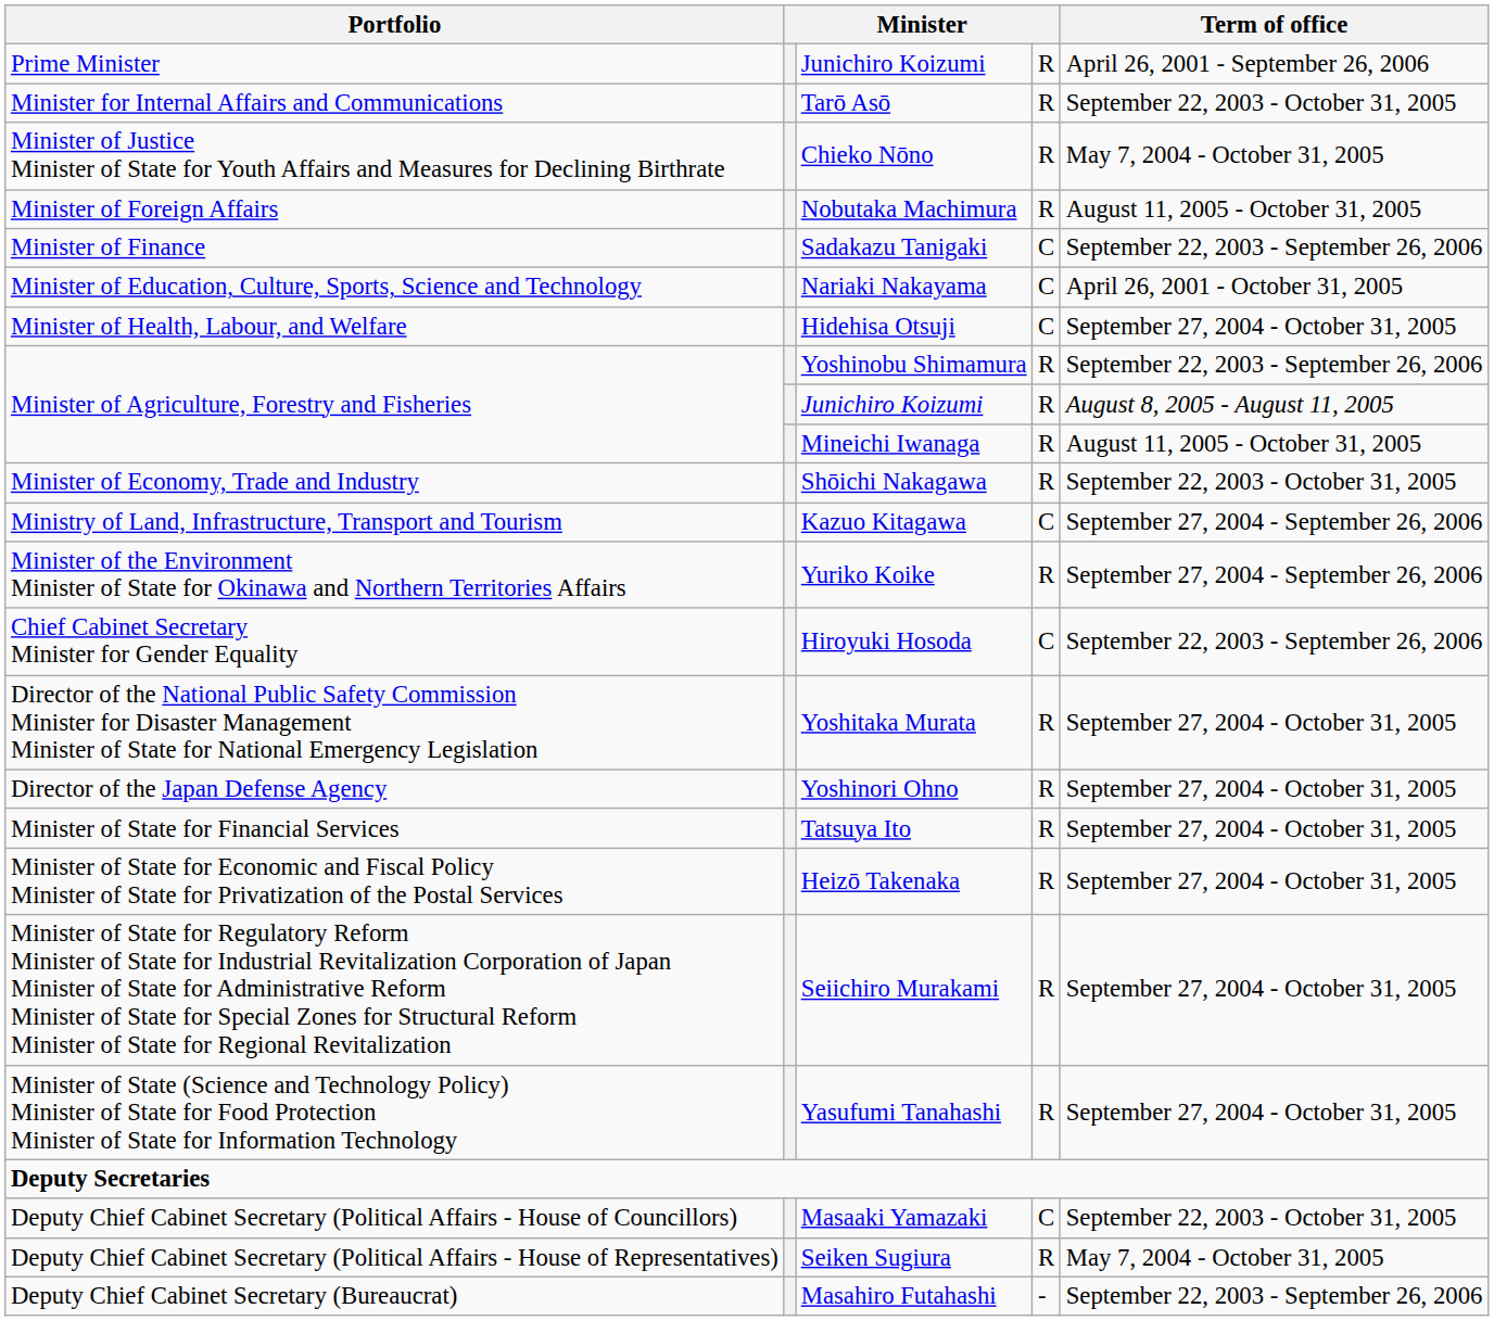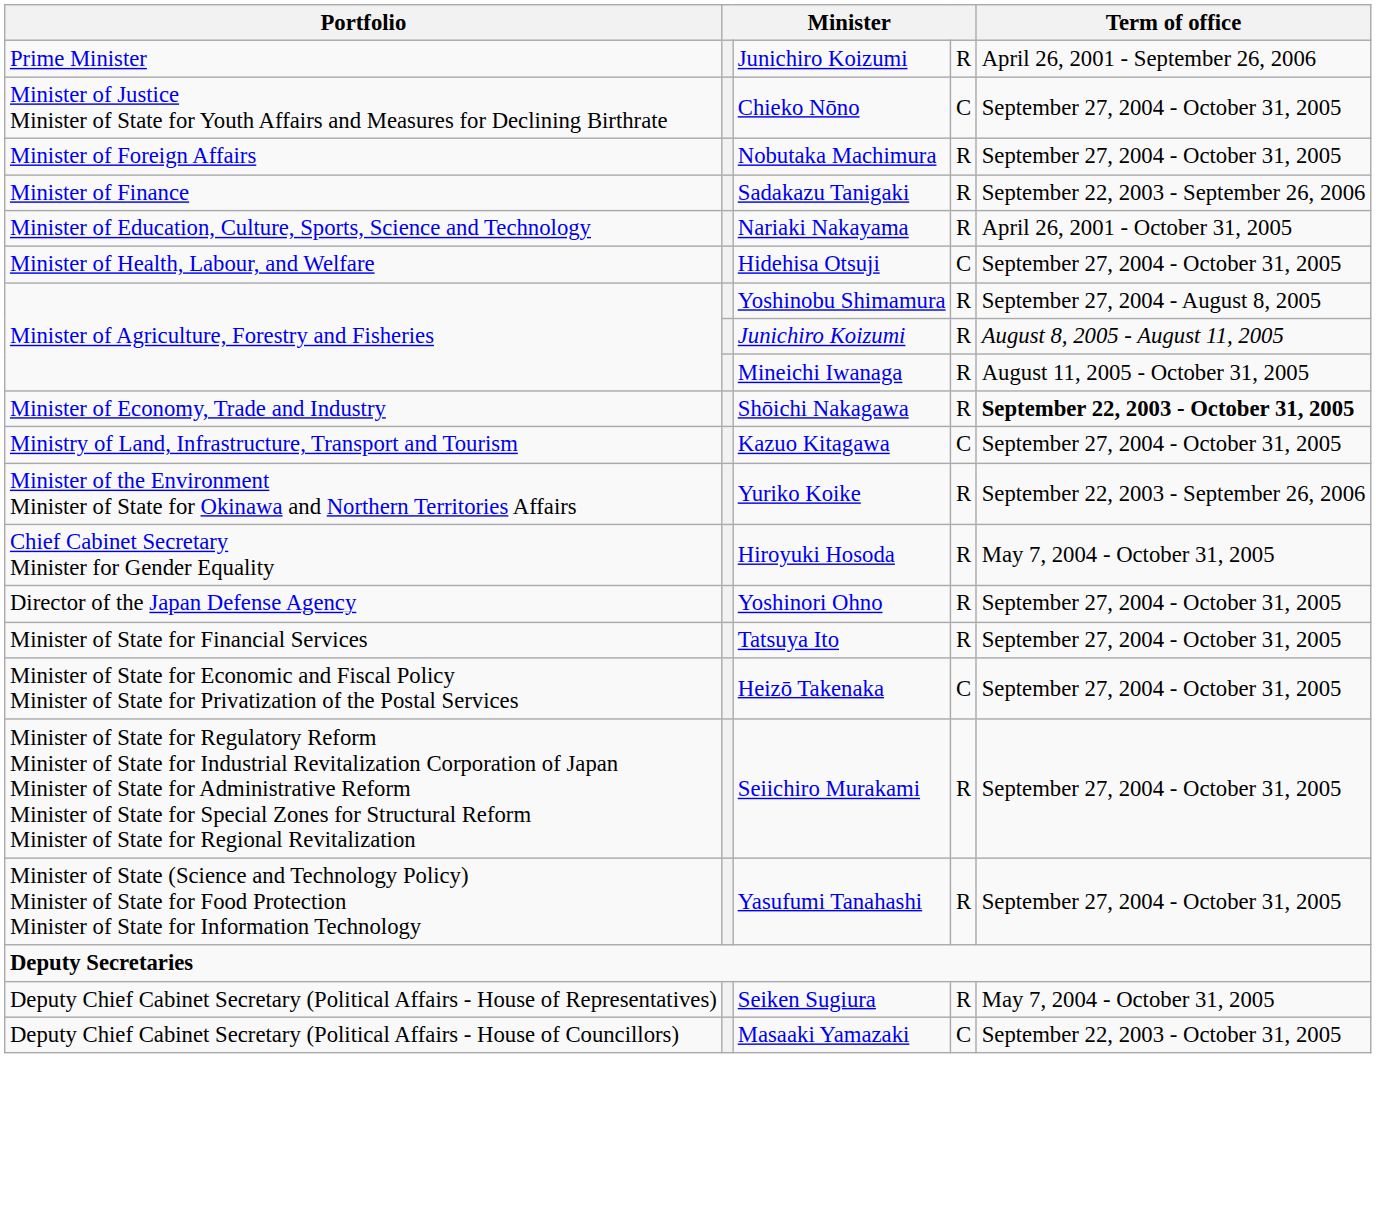 <table class="wikitable">
 <tr>
 <th>Portfolio</th>
 <th colspan=3>Minister</th>
 <th>Term of office</th>
 </tr>
 <tr>
 <td><a href='#'>Prime Minister</a></td>
 <th style="color:inherit;background-color: "></th>
 <td><a href='#'>Junichiro Koizumi</a></td>
 <td>R</td>
 <td>April 26, 2001 - September 26, 2006</td>
 </tr>
 <tr>
-<td><a href='#'>Minister for Internal Affairs and Communications</a></td>
-<th style="color:inherit;background-color: "></th>
-<td><a href='#'>Tarō Asō</a></td>
-<td>R</td>
-<td>September 22, 2003 - October 31, 2005</td>
-</tr>
-<tr>
 <td><a href='#'>Minister of Justice</a> <br> Minister of State for Youth Affairs and Measures for Declining Birthrate</td>
 <th style="color:inherit;background-color: "></th>
 <td><a href='#'>Chieko Nōno</a></td>
-<td>R</td>
-<td>May 7, 2004 - October 31, 2005</td>
+<td>C</td>
+<td>September 27, 2004 - October 31, 2005</td>
 </tr>
 <tr>
 <td><a href='#'>Minister of Foreign Affairs</a></td>
 <th style="color:inherit;background-color: "></th>
 <td><a href='#'>Nobutaka Machimura</a></td>
 <td>R</td>
-<td>August 11, 2005 - October 31, 2005</td>
+<td>September 27, 2004 - October 31, 2005</td>
 </tr>
 <tr>
 <td><a href='#'>Minister of Finance</a></td>
 <th style="color:inherit;background-color: "></th>
 <td><a href='#'>Sadakazu Tanigaki</a></td>
-<td>C</td>
+<td>R</td>
 <td>September 22, 2003 - September 26, 2006</td>
 </tr>
 <tr>
 <td><a href='#'>Minister of Education, Culture, Sports, Science and Technology</a></td>
 <th style="color:inherit;background-color: "></th>
 <td><a href='#'>Nariaki Nakayama</a></td>
-<td>C</td>
+<td>R</td>
 <td>April 26, 2001 - October 31, 2005</td>
 </tr>
 <tr>
 <td><a href='#'>Minister of Health, Labour, and Welfare</a></td>
 <th style="color:inherit;background-color: "></th>
 <td><a href='#'>Hidehisa Otsuji</a></td>
 <td>C</td>
 <td>September 27, 2004 - October 31, 2005</td>
 </tr>
 <tr>
 <td rowspan=3><a href='#'>Minister of Agriculture, Forestry and Fisheries</a></td>
 <th style="color:inherit;background-color: "></th>
 <td><a href='#'>Yoshinobu Shimamura</a></td>
 <td>R</td>
-<td>September 22, 2003 - September 26, 2006</td>
+<td>September 27, 2004 -  August 8, 2005</td>
 </tr>
 <tr>
 <th style="color:inherit;background-color: "></th>
 <td><em><a href='#'>Junichiro Koizumi</a></em></td>
 <td>R</td>
 <td><em>August 8, 2005 - August 11, 2005</em></td>
 </tr>
 <tr>
 <th style="color:inherit;background-color: "></th>
 <td><a href='#'>Mineichi Iwanaga</a></td>
 <td>R</td>
 <td>August 11, 2005 - October 31, 2005</td>
 </tr>
 <tr>
 <td><a href='#'>Minister of Economy, Trade and Industry</a></td>
 <th style="color:inherit;background-color: "></th>
 <td><a href='#'>Shōichi Nakagawa</a></td>
 <td>R</td>
-<td>September 22, 2003 - October 31, 2005</td>
+<td><strong>September 22, 2003 - October 31, 2005</strong></td>
 </tr>
 <tr>
 <td><a href='#'>Ministry of Land, Infrastructure, Transport and Tourism</a></td>
 <th style="color:inherit;background-color: "></th>
 <td><a href='#'>Kazuo Kitagawa</a></td>
 <td>C</td>
-<td>September 27, 2004 - September 26, 2006</td>
+<td>September 27, 2004 - October 31, 2005</td>
 </tr>
 <tr>
 <td><a href='#'>Minister of the Environment</a> <br>Minister of State for <a href='#'>Okinawa</a> and <a href='#'>Northern Territories</a> Affairs</td>
 <th style="color:inherit;background-color: "></th>
 <td><a href='#'>Yuriko Koike</a></td>
 <td>R</td>
-<td>September 27, 2004 - September 26, 2006</td>
+<td>September 22, 2003 - September 26, 2006</td>
 </tr>
 <tr>
 <td><a href='#'>Chief Cabinet Secretary</a> <br>Minister for Gender Equality</td>
 <th style="color:inherit;background-color: "></th>
 <td><a href='#'>Hiroyuki Hosoda</a></td>
-<td>C</td>
-<td>September 22, 2003 - September 26, 2006</td>
-</tr>
-<tr>
-<td>Director of the <a href='#'>National Public Safety Commission</a> <br>Minister for Disaster Management <br>Minister of State for National Emergency Legislation</td>
-<th style="color:inherit;background-color: "></th>
-<td><a href='#'>Yoshitaka Murata</a></td>
 <td>R</td>
-<td>September 27, 2004 - October 31, 2005</td>
+<td>May 7, 2004 - October 31, 2005</td>
 </tr>
 <tr>
 <td>Director of the <a href='#'>Japan Defense Agency</a></td>
 <th style="color:inherit;background-color: "></th>
 <td><a href='#'>Yoshinori Ohno</a></td>
 <td>R</td>
 <td>September 27, 2004 - October 31, 2005</td>
 </tr>
 <tr>
 <td>Minister of State for Financial Services</td>
 <th style="color:inherit;background-color: "></th>
 <td><a href='#'>Tatsuya Ito</a></td>
 <td>R</td>
 <td>September 27, 2004 - October 31, 2005</td>
 </tr>
 <tr>
 <td>Minister of State for Economic and Fiscal Policy <br>Minister of State for Privatization of the Postal Services</td>
 <th style="color:inherit;background-color: "></th>
 <td><a href='#'>Heizō Takenaka</a></td>
-<td>R</td>
+<td>C</td>
 <td>September 27, 2004 - October 31, 2005</td>
 </tr>
 <tr>
 <td>Minister of State for Regulatory Reform <br>Minister of State for Industrial Revitalization Corporation of Japan <br>Minister of State for Administrative Reform <br>Minister of State for Special Zones for Structural Reform <br>Minister of State for Regional Revitalization</td>
 <th style="color:inherit;background-color: "></th>
 <td><a href='#'>Seiichiro Murakami</a></td>
 <td>R</td>
 <td>September 27, 2004 - October 31, 2005</td>
 </tr>
 <tr>
 <td>Minister of State (Science and Technology Policy) <br>Minister of State for Food Protection <br>Minister of State for Information Technology</td>
 <th style="color:inherit;background-color: "></th>
 <td><a href='#'>Yasufumi Tanahashi</a></td>
 <td>R</td>
 <td>September 27, 2004 - October 31, 2005</td>
 </tr>
 <tr>
 <td colspan=5><strong>Deputy Secretaries</strong></td>
 </tr>
 <tr>
-<td>Deputy Chief Cabinet Secretary (Political Affairs - House of Councillors)</td>
-<th style="color:inherit;background-color: "></th>
-<td><a href='#'>Masaaki Yamazaki</a></td>
-<td>C</td>
-<td>September 22, 2003 - October 31, 2005</td>
-</tr>
-<tr>
 <td>Deputy Chief Cabinet Secretary (Political Affairs - House of Representatives)</td>
 <th style="color:inherit;background-color: "></th>
 <td><a href='#'>Seiken Sugiura</a></td>
 <td>R</td>
 <td>May 7, 2004 - October 31, 2005</td>
 </tr>
 <tr>
-<td>Deputy Chief Cabinet Secretary (Bureaucrat)</td>
+<td>Deputy Chief Cabinet Secretary (Political Affairs - House of Councillors)</td>
 <th style="color:inherit;background-color: "></th>
-<td><a href='#'>Masahiro Futahashi</a></td>
-<td>-</td>
-<td>September 22, 2003 - September 26, 2006</td>
+<td><a href='#'>Masaaki Yamazaki</a></td>
+<td>C</td>
+<td>September 22, 2003 - October 31, 2005</td>
 </tr>
 </table>
